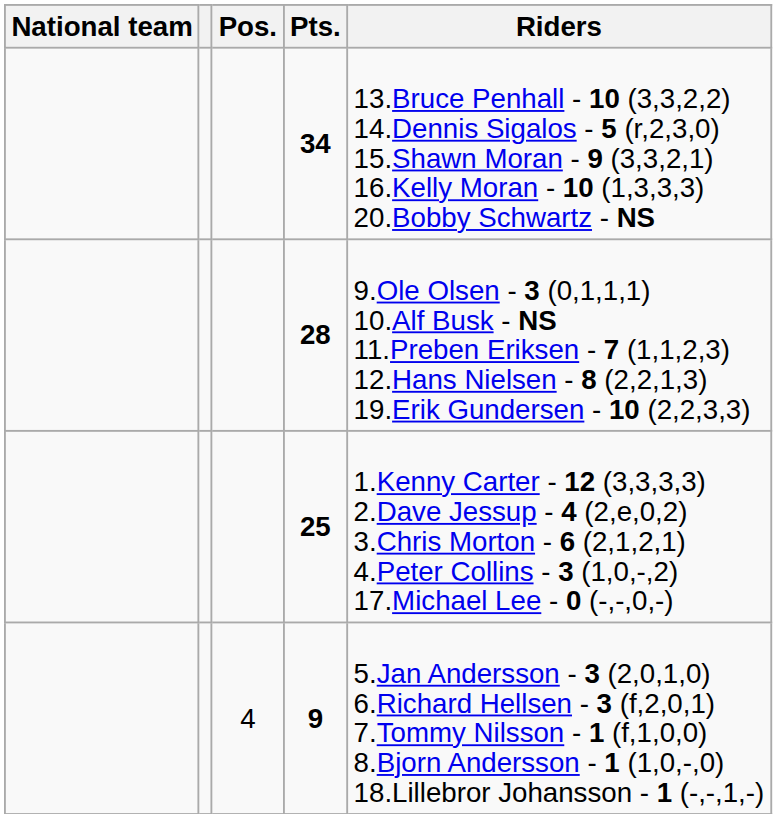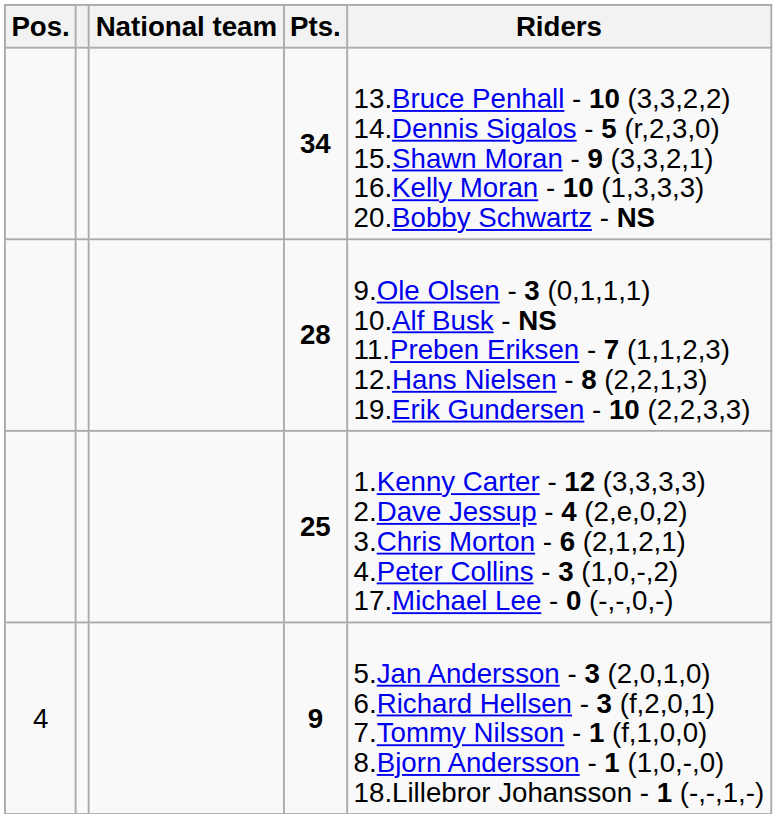 <table class=wikitable style="font-size:93%;">
 <tr>
+<th>Pos.</th>
+<th></th>
 <th>National team</th>
-<th></th>
-<th>Pos.</th>
 <th>Pts.</th>
 <th>Riders</th>
 </tr>
 <tr align=center >
-<td align=left></td>
 <td></td>
 <td></td>
+<td align=left></td>
 <td><strong>34</strong></td>
 <td align=left><br>13.<a href='#'>Bruce Penhall</a> - <strong>10</strong> (3,3,2,2) <br> 14.<a href='#'>Dennis Sigalos</a> - <strong>5</strong> (r,2,3,0) <br> 15.<a href='#'>Shawn Moran</a> - <strong>9</strong> (3,3,2,1) <br> 16.<a href='#'>Kelly Moran</a> - <strong>10</strong> (1,3,3,3) <br> 20.<a href='#'>Bobby Schwartz</a> - <strong>NS</strong> <br></td>
 </tr>
 <tr align=center >
-<td align=left></td>
 <td></td>
 <td></td>
+<td align=left></td>
 <td><strong>28</strong></td>
 <td align=left><br>9.<a href='#'>Ole Olsen</a> - <strong>3</strong> (0,1,1,1) <br> 10.<a href='#'>Alf Busk</a> - <strong>NS</strong> <br> 11.<a href='#'>Preben Eriksen</a> - <strong>7</strong> (1,1,2,3) <br> 12.<a href='#'>Hans Nielsen</a> - <strong>8</strong> (2,2,1,3) <br> 19.<a href='#'>Erik Gundersen</a> - <strong>10</strong> (2,2,3,3) <br></td>
 </tr>
 <tr align=center >
-<td align=left></td>
 <td></td>
 <td></td>
+<td align=left></td>
 <td><strong>25</strong></td>
 <td align=left><br>1.<a href='#'>Kenny Carter</a> - <strong>12</strong> (3,3,3,3) <br> 2.<a href='#'>Dave Jessup</a> - <strong>4</strong> (2,e,0,2) <br> 3.<a href='#'>Chris Morton</a> - <strong>6</strong> (2,1,2,1) <br> 4.<a href='#'>Peter Collins</a> - <strong>3</strong> (1,0,-,2) <br> 17.<a href='#'>Michael Lee</a> - <strong>0</strong> (-,-,0,-) <br></td>
 </tr>
 <tr align=center>
+<td>4</td>
+<td></td>
 <td align=left></td>
-<td></td>
-<td>4</td>
 <td><strong>9</strong></td>
 <td align=left><br>5.<a href='#'>Jan Andersson</a> - <strong>3</strong> (2,0,1,0) <br> 6.<a href='#'>Richard Hellsen</a> - <strong>3</strong> (f,2,0,1) <br> 7.<a href='#'>Tommy Nilsson</a> - <strong>1</strong> (f,1,0,0) <br> 8.<a href='#'>Bjorn Andersson</a> - <strong>1</strong> (1,0,-,0) <br> 18.Lillebror Johansson - <strong>1</strong> (-,-,1,-) <br></td>
 </tr>
 </table>
